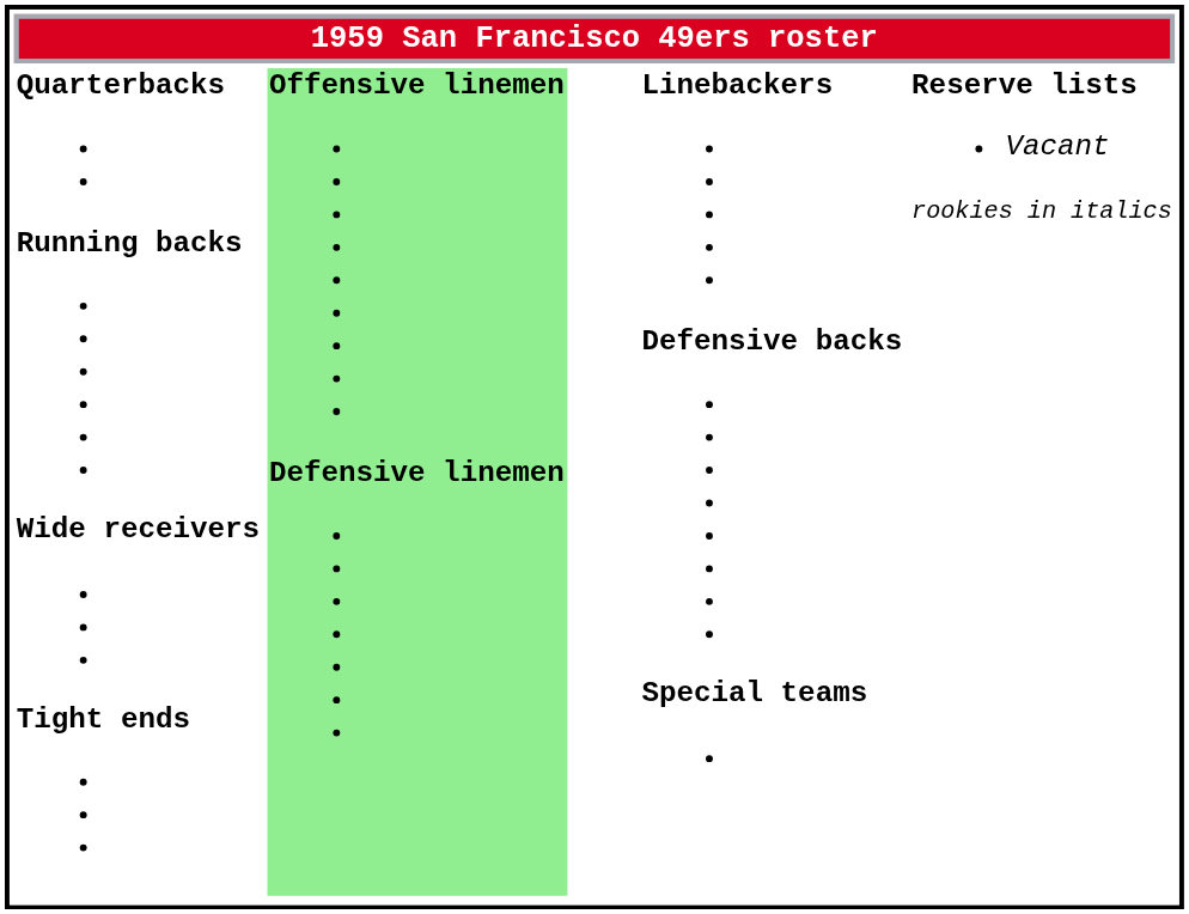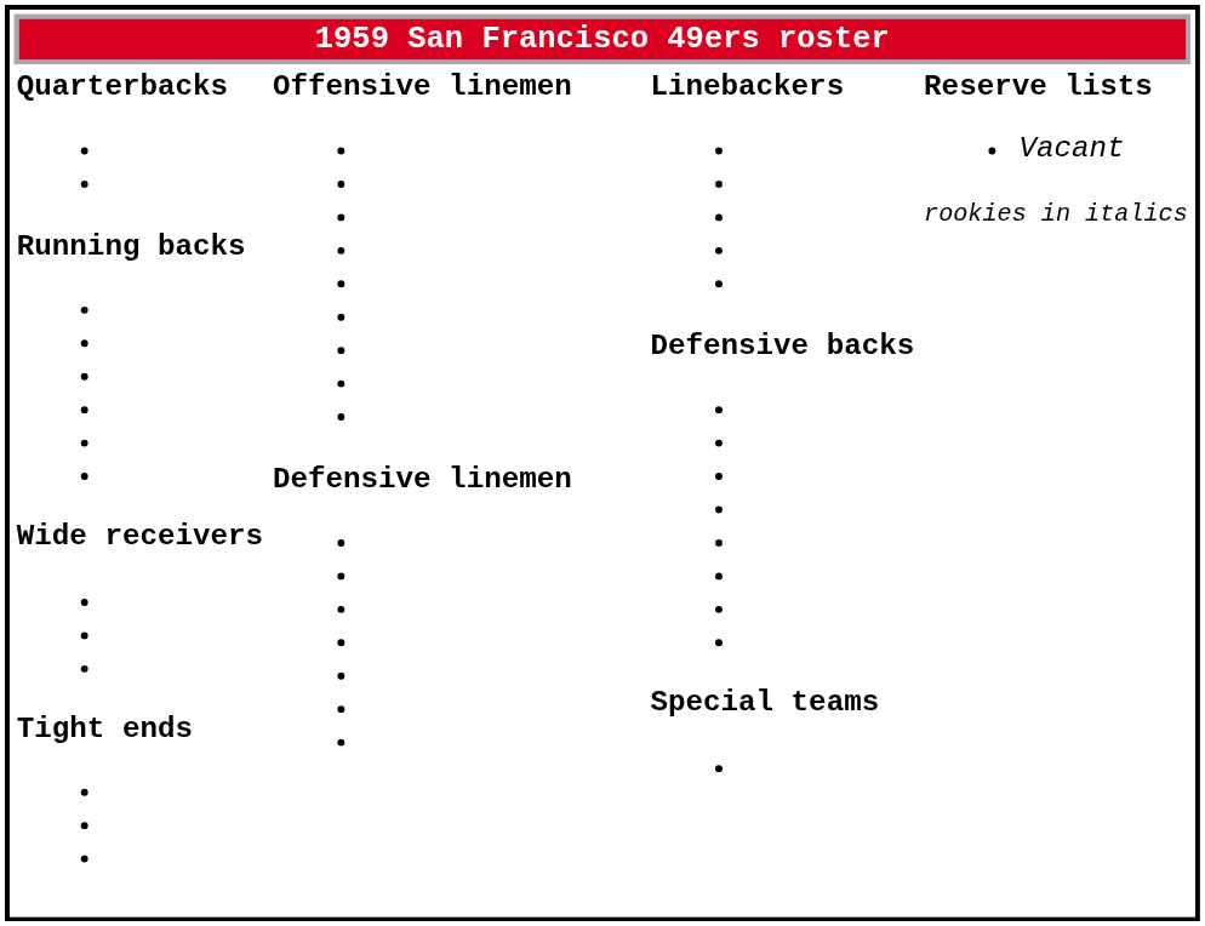 <table class="toccolours" style="text-align: left; border:2px solid black;">
 <tr>
 <th colspan="7" style="text-align:center; border:2px solid #A2A9B1; background-color: #DA0020; color: white;">1959 San Francisco 49ers roster</th>
 </tr>
 <tr>
 <td style="font-size: 95%;" valign="top"><strong>Quarterbacks</strong><br><ul><li></li><li></li></ul><strong>Running backs</strong><ul><li></li><li></li><li></li><li></li><li></li><li></li></ul><strong>Wide receivers</strong><ul><li></li><li></li><li></li></ul><strong>Tight ends</strong><ul><li></li><li></li><li></li></ul></td>
-<td style="background: lightgreen; font-size: 95%;" valign="top"><strong>Offensive linemen</strong><br><ul><li></li><li></li><li></li><li></li><li></li><li></li><li></li><li></li><li></li></ul><strong>Defensive linemen</strong><ul><li></li><li></li><li></li><li></li><li></li><li></li><li></li></ul></td>
+<td style="font-size: 95%;" valign="top"><strong>Offensive linemen</strong><br><ul><li></li><li></li><li></li><li></li><li></li><li></li><li></li><li></li><li></li></ul><strong>Defensive linemen</strong><ul><li></li><li></li><li></li><li></li><li></li><li></li><li></li></ul></td>
 <td style="width: 25px;"></td>
 <td style="font-size: 95%;" valign="top"><strong>Linebackers</strong><br><ul><li></li><li></li><li></li><li></li><li></li></ul><strong>Defensive backs</strong><ul><li></li><li></li><li></li><li></li><li></li><li></li><li></li><li></li></ul><strong>Special teams</strong><ul><li></li></ul></td>
 <td style="font-size: 95%;" valign="top"><strong>Reserve lists</strong><br><ul><li><em>Vacant</em></li></ul><small><em>rookies in italics</em></small></td>
 </tr>
 <tr>
 </tr>
 </table>
